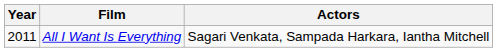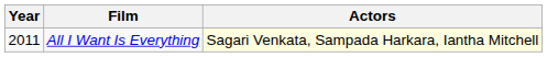 <table class="wikitable sortable">
 <tr>
 <th>Year</th>
 <th>Film</th>
 <th>Actors</th>
 </tr>
 <tr>
 <td>2011</td>
 <td><em><a href='#'>All I Want Is Everything</a></em></td>
-<td>Sagari Venkata, Sampada Harkara, Iantha Mitchell</td>
+<td style="background: lightyellow;">Sagari Venkata, Sampada Harkara, Iantha Mitchell</td>
 </tr>
 </table>
